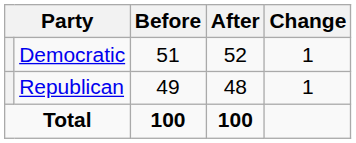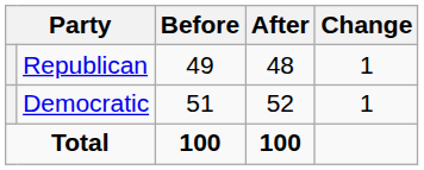 <table class="wikitable" style="text-align:center;">
 <tr>
 <th colspan="2">Party</th>
 <th>Before</th>
 <th>After</th>
 <th>Change</th>
 </tr>
 <tr>
 <th style="background-color:"></th>
-<td style="text-align:left;"><a href='#'>Democratic</a></td>
-<td>51</td>
-<td>52</td>
+<td style="text-align:left;"><a href='#'>Republican</a></td>
+<td>49</td>
+<td>48</td>
 <td> 1</td>
 </tr>
 <tr>
 <th style="background-color:"></th>
-<td style="text-align:left;"><a href='#'>Republican</a></td>
-<td>49</td>
-<td>48</td>
+<td style="text-align:left;"><a href='#'>Democratic</a></td>
+<td>51</td>
+<td>52</td>
 <td> 1</td>
 </tr>
 <tr>
 <td colspan="2"><strong>Total</strong></td>
 <td><strong>100</strong></td>
 <td><strong>100</strong></td>
 <td></td>
 </tr>
 </table>
